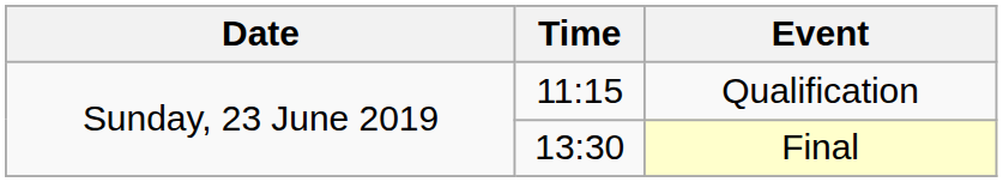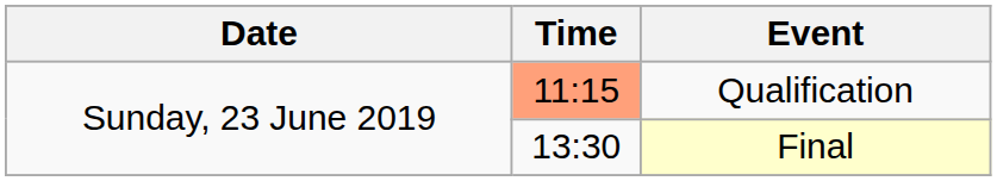 <table class = "wikitable" style="text-align:center;">
 <tr>
 <th width=220>Date</th>
 <th width=50>Time</th>
 <th width=150>Event</th>
 </tr>
 <tr>
 <td rowspan=2>Sunday, 23 June 2019</td>
-<td>11:15</td>
+<td style="background: lightsalmon;">11:15</td>
 <td>Qualification</td>
 </tr>
 <tr>
 <td>13:30</td>
 <td bgcolor=ffffcc>Final</td>
 </tr>
 </table>
